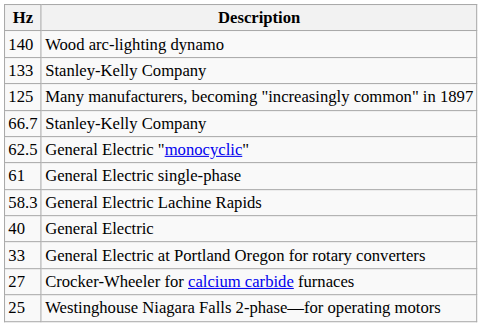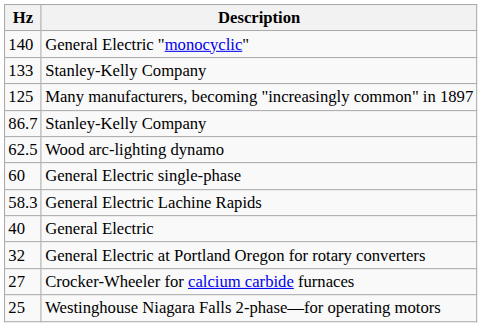 <table class="wikitable">
 <tr>
 <th>Hz</th>
 <th>Description</th>
 </tr>
 <tr>
 <td>140</td>
-<td>Wood arc-lighting dynamo</td>
+<td>General Electric "<a href='#'>monocyclic</a>"</td>
 </tr>
 <tr>
 <td>133</td>
 <td>Stanley-Kelly Company</td>
 </tr>
 <tr>
 <td>125</td>
 <td>Many manufacturers, becoming "increasingly common" in 1897</td>
 </tr>
 <tr>
-<td>66.7</td>
+<td>86.7</td>
 <td>Stanley-Kelly Company</td>
 </tr>
 <tr>
 <td>62.5</td>
-<td>General Electric "<a href='#'>monocyclic</a>"</td>
+<td>Wood arc-lighting dynamo</td>
 </tr>
 <tr>
-<td>61</td>
+<td>60</td>
 <td>General Electric single-phase</td>
 </tr>
 <tr>
 <td>58.3</td>
 <td>General Electric Lachine Rapids</td>
 </tr>
 <tr>
 <td>40</td>
 <td>General Electric</td>
 </tr>
 <tr>
-<td>33</td>
+<td>32</td>
 <td>General Electric at Portland Oregon for rotary converters</td>
 </tr>
 <tr>
 <td>27</td>
 <td>Crocker-Wheeler for <a href='#'>calcium carbide</a> furnaces</td>
 </tr>
 <tr>
 <td>25</td>
 <td>Westinghouse Niagara Falls 2-phase—for operating motors</td>
 </tr>
 </table>
